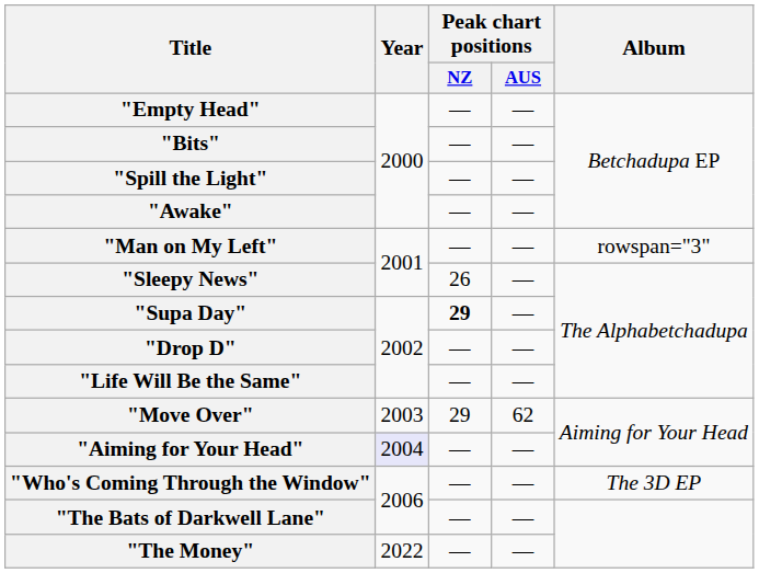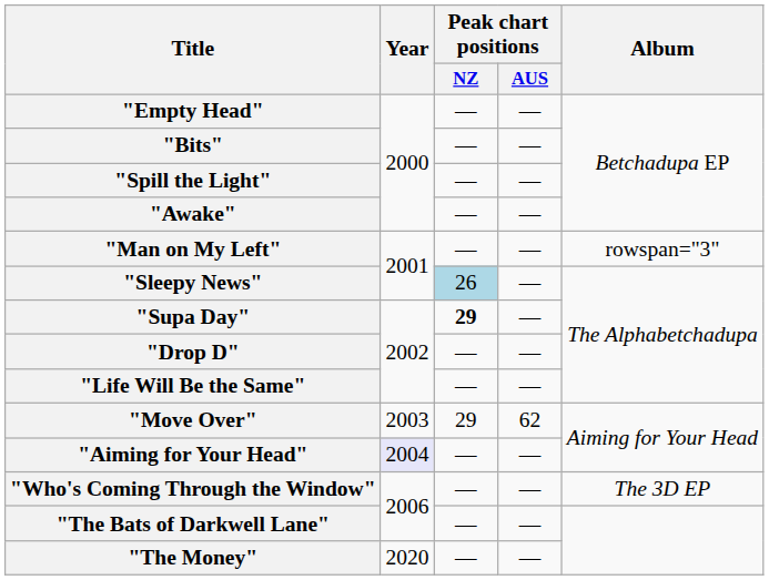 <table class="wikitable plainrowheaders" style="text-align:center">
 <tr>
 <th scope="col" rowspan="2">Title</th>
 <th scope="col" rowspan="2">Year</th>
 <th scope="col" colspan="2">Peak chart positions</th>
 <th scope="col" rowspan="2">Album</th>
 </tr>
 <tr>
 <th scope="col" style="width:3em;font-size:85%"><a href='#'>NZ</a><br></th>
 <th scope="col" style="width:3em;font-size:85%"><a href='#'>AUS</a><br></th>
 </tr>
 <tr>
 <th scope="row">"Empty Head"</th>
 <td rowspan=4>2000</td>
 <td>—</td>
 <td>—</td>
 <td rowspan=4><em>Betchadupa</em> EP</td>
 </tr>
 <tr>
 <th scope="row">"Bits"</th>
 <td>—</td>
 <td>—</td>
 </tr>
 <tr>
 <th scope="row">"Spill the Light"</th>
 <td>—</td>
 <td>—</td>
 </tr>
 <tr>
 <th scope="row">"Awake"</th>
 <td>—</td>
 <td>—</td>
 </tr>
 <tr>
 <th scope="row">"Man on My Left"</th>
 <td rowspan=2>2001</td>
 <td>—</td>
 <td>—</td>
 <td>rowspan="3" </td>
 </tr>
 <tr>
 <th scope="row">"Sleepy News"</th>
-<td>26</td>
+<td style="background: lightblue;">26</td>
 <td>—</td>
 <td rowspan=4><em>The Alphabetchadupa</em></td>
 </tr>
 <tr>
 <th scope="row">"Supa Day"</th>
 <td rowspan=3>2002</td>
 <td><strong>29</strong></td>
 <td>—</td>
 </tr>
 <tr>
 <th scope="row">"Drop D"</th>
 <td>—</td>
 <td>—</td>
 </tr>
 <tr>
 <th scope="row">"Life Will Be the Same"</th>
 <td>—</td>
 <td>—</td>
 </tr>
 <tr>
 <th scope="row">"Move Over"</th>
 <td>2003</td>
 <td>29</td>
 <td>62</td>
 <td rowspan=2><em>Aiming for Your Head</em></td>
 </tr>
 <tr>
 <th scope="row">"Aiming for Your Head"</th>
 <td style="background: lavender;">2004</td>
 <td>—</td>
 <td>—</td>
 </tr>
 <tr>
 <th scope="row">"Who's Coming Through the Window"</th>
 <td rowspan="2">2006</td>
 <td>—</td>
 <td>—</td>
 <td><em>The 3D EP</em></td>
 </tr>
 <tr>
 <th scope="row">"The Bats of Darkwell Lane"</th>
 <td>—</td>
 <td>—</td>
 </tr>
 <tr>
 <th scope="row">"The Money"</th>
-<td>2022</td>
+<td>2020</td>
 <td>—</td>
 <td>—</td>
 </tr>
 </table>
